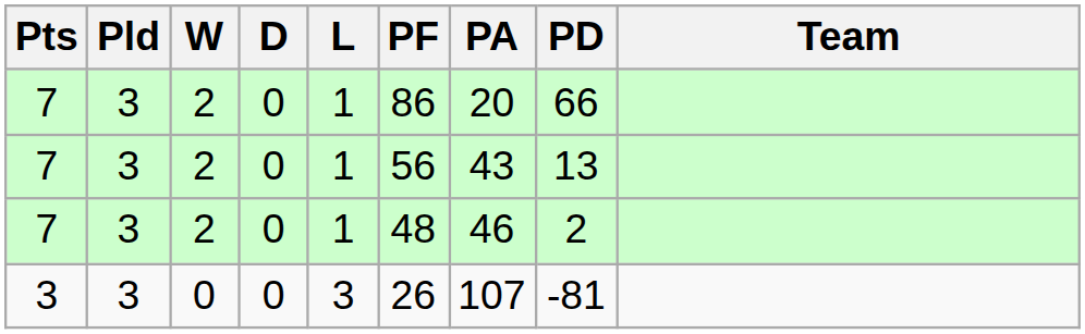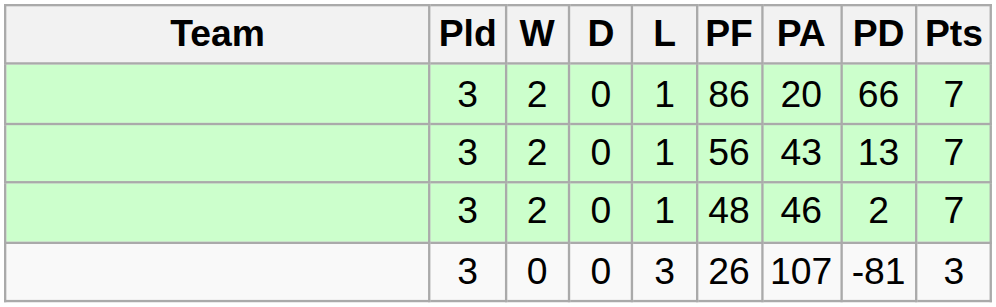 <table class="wikitable" style="text-align:center;">
 <tr>
-<th width=20 abbr="Points">Pts</th>
+<th width=175>Team</th>
 <th width=20 abbr="Played">Pld</th>
 <th width=20 abbr="Won">W</th>
 <th width=20 abbr="Drawn">D</th>
 <th width=20 abbr="Lost">L</th>
 <th width=20 abbr="Points for">PF</th>
 <th width=20 abbr="Points against">PA</th>
 <th width=25 abbr="Points difference">PD</th>
-<th width=175>Team</th>
+<th width=20 abbr="Points">Pts</th>
 </tr>
 <tr bgcolor=ccffcc>
-<td>7</td>
+<td style="text-align:left;"></td>
 <td>3</td>
 <td>2</td>
 <td>0</td>
 <td>1</td>
 <td>86</td>
 <td>20</td>
 <td>66</td>
-<td style="text-align:left;"></td>
+<td>7</td>
 </tr>
 <tr bgcolor=ccffcc>
-<td>7</td>
+<td style="text-align:left;"></td>
 <td>3</td>
 <td>2</td>
 <td>0</td>
 <td>1</td>
 <td>56</td>
 <td>43</td>
 <td>13</td>
-<td style="text-align:left;"></td>
+<td>7</td>
 </tr>
 <tr bgcolor=ccffcc>
-<td>7</td>
+<td style="text-align:left;"></td>
 <td>3</td>
 <td>2</td>
 <td>0</td>
 <td>1</td>
 <td>48</td>
 <td>46</td>
 <td>2</td>
-<td style="text-align:left;"></td>
+<td>7</td>
 </tr>
 <tr>
-<td>3</td>
+<td style="text-align:left;"></td>
 <td>3</td>
 <td>0</td>
 <td>0</td>
 <td>3</td>
 <td>26</td>
 <td>107</td>
 <td>-81</td>
-<td style="text-align:left;"></td>
+<td>3</td>
 </tr>
 </table>
